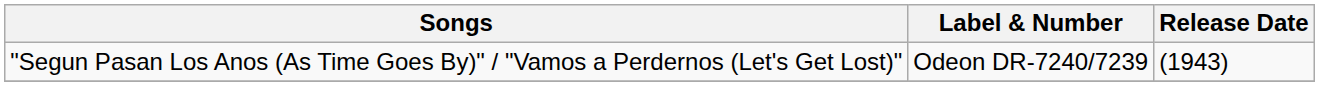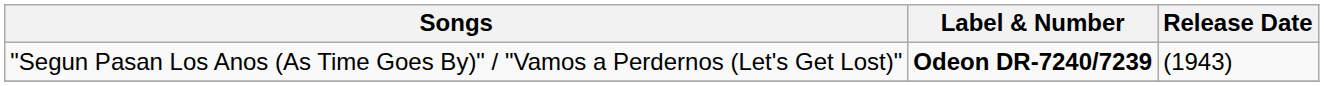 <table class="wikitable sortable" border="1" |}>
 <tr>
 <th>Songs</th>
 <th>Label & Number</th>
 <th>Release Date</th>
 </tr>
 <tr>
 <td>"Segun Pasan Los Anos (As Time Goes By)" / "Vamos a Perdernos (Let's Get Lost)"</td>
-<td>Odeon DR-7240/7239</td>
+<td><strong>Odeon DR-7240/7239</strong></td>
 <td>(1943)</td>
 </tr>
 <tr>
 </tr>
 </table>
